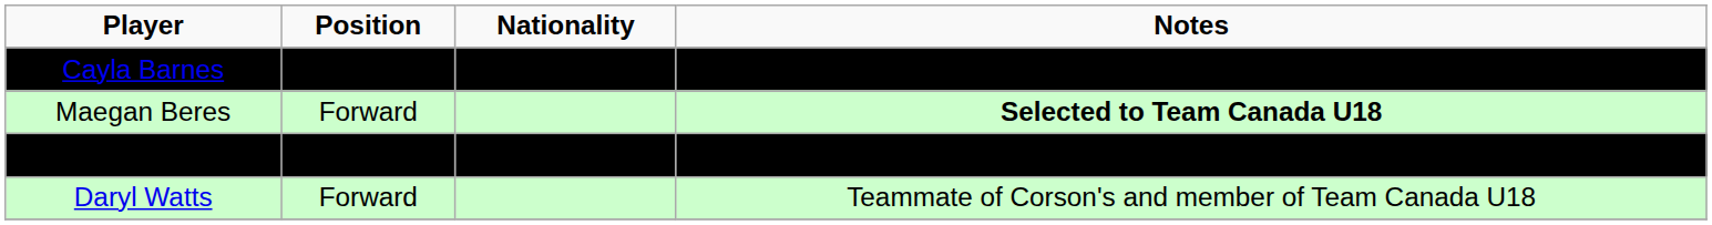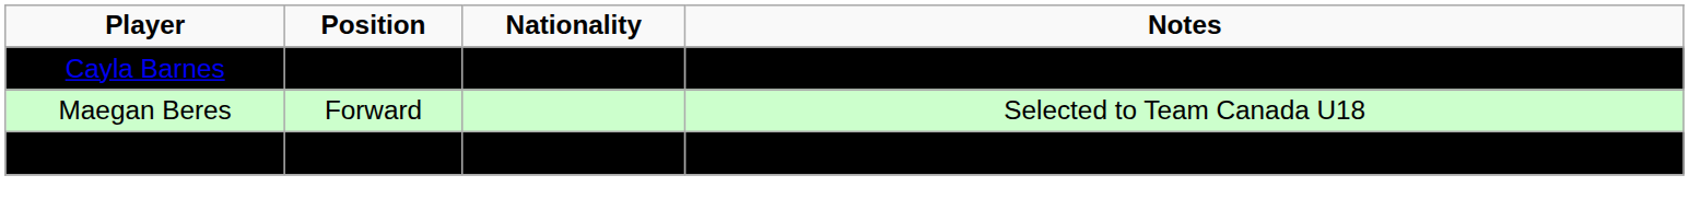 <table class="wikitable" width="80%">
 <tr align="center">
 <td><strong>Player</strong></td>
 <td><strong>Position</strong></td>
 <td><strong>Nationality</strong></td>
 <td><strong>Notes</strong></td>
 </tr>
 <tr align="center" bgcolor=" ">
 <td><a href='#'>Cayla Barnes</a></td>
 <td>Defense</td>
 <td></td>
 <td>Played with US National team as a 17-year old</td>
 </tr>
 <tr align="center" bgcolor="#ccffcc">
 <td>Maegan Beres</td>
 <td>Forward</td>
 <td></td>
-<td><strong>Selected to Team Canada U18</strong></td>
+<td>Selected to Team Canada U18</td>
 </tr>
 <tr align="center" bgcolor=" ">
 <td>Willow Corson</td>
 <td>Forward</td>
 <td></td>
 <td><strong>One of two recruits from the Mississauga Jr. Chiefs</strong></td>
 </tr>
-<tr align="center" bgcolor="#ccffcc">
-<td><a href='#'>Daryl Watts</a></td>
-<td>Forward</td>
-<td></td>
-<td>Teammate of Corson's and member of Team Canada U18</td>
-</tr>
 <tr align="center" bgcolor=" ">
 </tr>
 </table>
